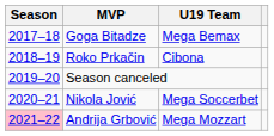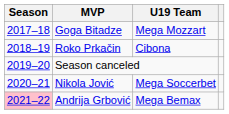 <table class="wikitable">
 <tr>
 <th>Season</th>
 <th>MVP</th>
 <th>U19 Team</th>
 <th></th>
 </tr>
 <tr>
 <td><a href='#'>2017–18</a></td>
 <td> <a href='#'>Goga Bitadze</a></td>
-<td> <a href='#'>Mega Bemax</a></td>
+<td> <a href='#'>Mega Mozzart</a></td>
 <td></td>
 </tr>
 <tr>
 <td><a href='#'>2018–19</a></td>
 <td> <a href='#'>Roko Prkačin</a></td>
 <td> <a href='#'>Cibona</a></td>
 <td></td>
 </tr>
 <tr>
 <td><a href='#'>2019–20</a></td>
 <td colspan=2>Season canceled</td>
 <td></td>
 </tr>
 <tr>
 <td><a href='#'>2020–21</a></td>
 <td> <a href='#'>Nikola Jović</a></td>
 <td> <a href='#'>Mega Soccerbet</a></td>
 <td></td>
 </tr>
 <tr>
 <td style="background: pink;"><a href='#'>2021–22</a></td>
 <td> <a href='#'>Andrija Grbović </a></td>
-<td> <a href='#'>Mega Mozzart</a></td>
+<td> <a href='#'>Mega Bemax</a></td>
 <td></td>
 </tr>
 </table>
